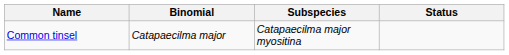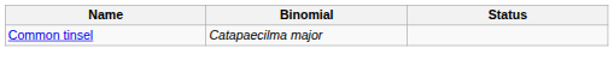 <table width=60% class="wikitable">
 <tr>
 <th width=20%>Name</th>
 <th width=20%>Binomial</th>
-<th width=20%>Subspecies</th>
 <th width=20%>Status</th>
 </tr>
 <tr>
 <td><a href='#'>Common tinsel</a><br> </td>
 <td><em>Catapaecilma major</em></td>
-<td><em>Catapaecilma major myositina</em></td>
 <td></td>
 </tr>
 </table>
